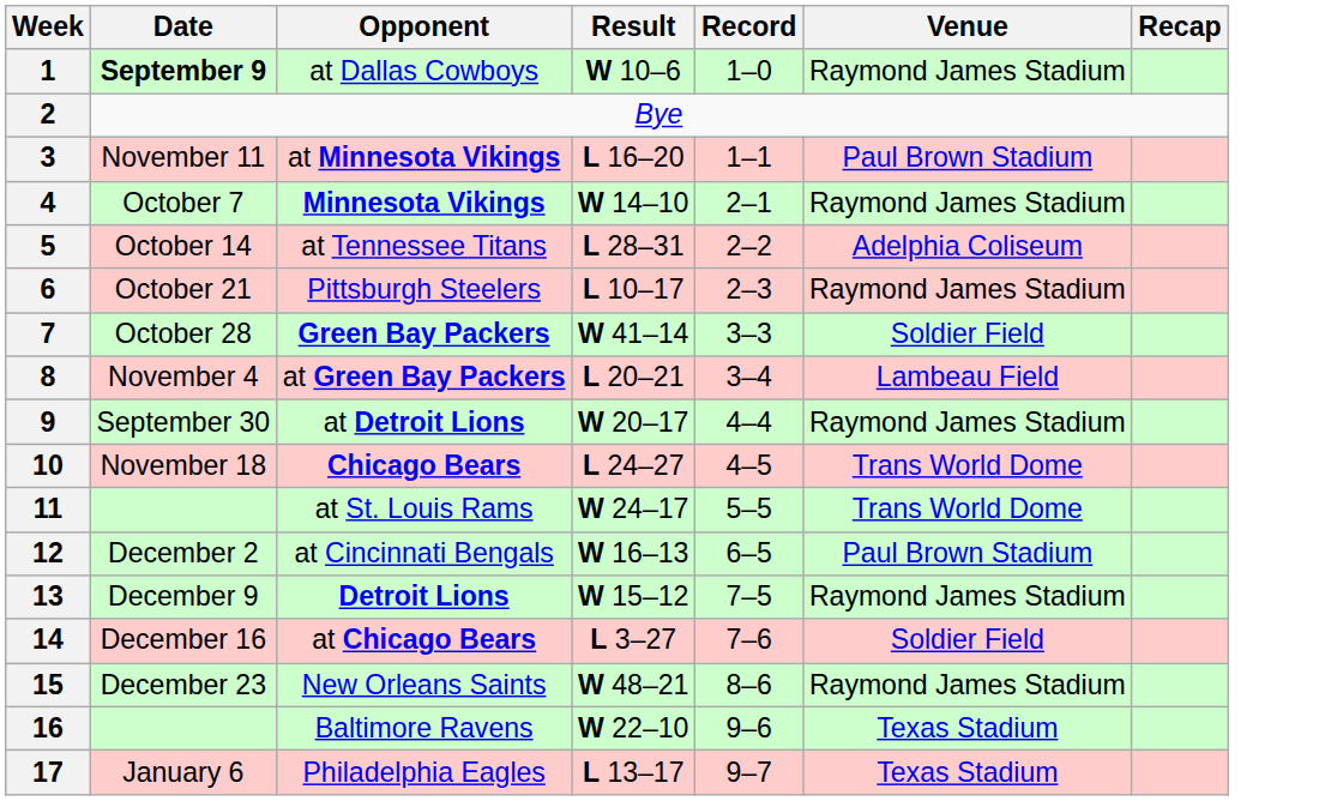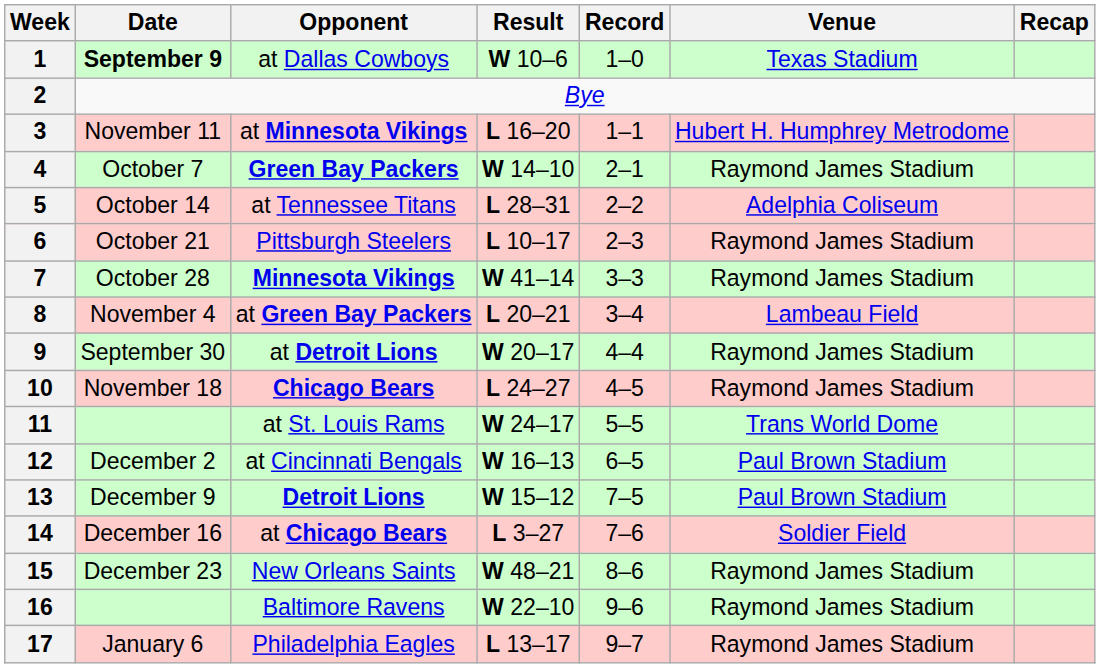 <table class="wikitable" style="text-align:center">
 <tr>
 <th>Week</th>
 <th>Date</th>
 <th>Opponent</th>
 <th>Result</th>
 <th>Record</th>
 <th>Venue</th>
 <th>Recap</th>
 </tr>
 <tr style="background: #cfc;">
 <th>1</th>
 <td><strong>September 9</strong></td>
 <td>at <a href='#'>Dallas Cowboys</a></td>
 <td><strong>W</strong> 10–6</td>
 <td>1–0</td>
-<td>Raymond James Stadium</td>
+<td><a href='#'>Texas Stadium</a></td>
 <td></td>
 </tr>
 <tr>
 <th>2</th>
 <td colspan="6" style="text-align:center;"><em><a href='#'>Bye</a></em></td>
 </tr>
 <tr style="background: #fcc;">
 <th>3</th>
 <td>November 11</td>
 <td>at <strong><a href='#'>Minnesota Vikings</a></strong></td>
 <td><strong>L</strong> 16–20</td>
 <td>1–1</td>
-<td><a href='#'>Paul Brown Stadium</a></td>
+<td><a href='#'>Hubert H. Humphrey Metrodome</a></td>
 <td></td>
 </tr>
 <tr style="background: #cfc;">
 <th>4</th>
 <td>October 7</td>
-<td><strong><a href='#'>Minnesota Vikings</a></strong></td>
+<td><strong><a href='#'>Green Bay Packers</a></strong></td>
 <td><strong>W</strong> 14–10</td>
 <td>2–1</td>
 <td>Raymond James Stadium</td>
 <td></td>
 </tr>
 <tr style="background: #fcc;">
 <th>5</th>
 <td>October 14</td>
 <td>at <a href='#'>Tennessee Titans</a></td>
 <td><strong>L</strong> 28–31 </td>
 <td>2–2</td>
 <td><a href='#'>Adelphia Coliseum</a></td>
 <td></td>
 </tr>
 <tr style="background: #fcc;">
 <th>6</th>
 <td>October 21</td>
 <td><a href='#'>Pittsburgh Steelers</a></td>
 <td><strong>L</strong> 10–17</td>
 <td>2–3</td>
 <td>Raymond James Stadium</td>
 <td></td>
 </tr>
 <tr style="background: #cfc;">
 <th>7</th>
 <td>October 28</td>
-<td><strong><a href='#'>Green Bay Packers</a></strong></td>
+<td><strong><a href='#'>Minnesota Vikings</a></strong></td>
 <td><strong>W</strong> 41–14</td>
 <td>3–3</td>
-<td><a href='#'>Soldier Field</a></td>
+<td>Raymond James Stadium</td>
 <td></td>
 </tr>
 <tr style="background: #fcc;">
 <th>8</th>
 <td>November 4</td>
 <td>at <strong><a href='#'>Green Bay Packers</a></strong></td>
 <td><strong>L</strong> 20–21</td>
 <td>3–4</td>
 <td><a href='#'>Lambeau Field</a></td>
 <td></td>
 </tr>
 <tr style="background: #cfc;">
 <th>9</th>
 <td>September 30</td>
 <td>at <strong><a href='#'>Detroit Lions</a></strong></td>
 <td><strong>W</strong> 20–17</td>
 <td>4–4</td>
 <td>Raymond James Stadium</td>
 <td></td>
 </tr>
 <tr style="background: #fcc;">
 <th>10</th>
 <td>November 18</td>
 <td><strong><a href='#'>Chicago Bears</a></strong></td>
 <td><strong>L</strong> 24–27</td>
 <td>4–5</td>
-<td><a href='#'>Trans World Dome</a></td>
+<td>Raymond James Stadium</td>
 <td></td>
 </tr>
 <tr style="background: #cfc;">
 <th>11</th>
 <td></td>
 <td>at <a href='#'>St. Louis Rams</a></td>
 <td><strong>W</strong> 24–17</td>
 <td>5–5</td>
 <td><a href='#'>Trans World Dome</a></td>
 <td></td>
 </tr>
 <tr style="background: #cfc;">
 <th>12</th>
 <td>December 2</td>
 <td>at <a href='#'>Cincinnati Bengals</a></td>
 <td><strong>W</strong> 16–13 </td>
 <td>6–5</td>
 <td><a href='#'>Paul Brown Stadium</a></td>
 <td></td>
 </tr>
 <tr style="background: #cfc;">
 <th>13</th>
 <td>December 9</td>
 <td><strong><a href='#'>Detroit Lions</a></strong></td>
 <td><strong>W</strong> 15–12</td>
 <td>7–5</td>
-<td>Raymond James Stadium</td>
+<td><a href='#'>Paul Brown Stadium</a></td>
 <td></td>
 </tr>
 <tr style="background: #fcc;">
 <th>14</th>
 <td>December 16</td>
 <td>at <strong><a href='#'>Chicago Bears</a></strong></td>
 <td><strong>L</strong> 3–27</td>
 <td>7–6</td>
 <td><a href='#'>Soldier Field</a></td>
 <td></td>
 </tr>
 <tr style="background: #cfc;">
 <th>15</th>
 <td>December 23</td>
 <td><a href='#'>New Orleans Saints</a></td>
 <td><strong>W</strong> 48–21</td>
 <td>8–6</td>
 <td>Raymond James Stadium</td>
 <td></td>
 </tr>
 <tr style="background: #cfc;">
 <th>16</th>
 <td></td>
 <td><a href='#'>Baltimore Ravens</a></td>
 <td><strong>W</strong> 22–10</td>
 <td>9–6</td>
-<td><a href='#'>Texas Stadium</a></td>
+<td>Raymond James Stadium</td>
 <td></td>
 </tr>
 <tr style="background: #fcc;">
 <th>17</th>
 <td>January 6</td>
 <td><a href='#'>Philadelphia Eagles</a></td>
 <td><strong>L</strong> 13–17</td>
 <td>9–7</td>
-<td><a href='#'>Texas Stadium</a></td>
+<td>Raymond James Stadium</td>
 <td></td>
 </tr>
 </table>
